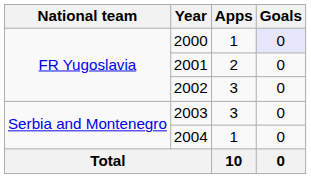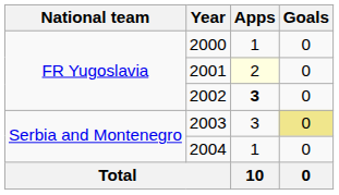 <table class="wikitable" style="text-align:center">
 <tr>
 <th>National team</th>
 <th>Year</th>
 <th>Apps</th>
 <th>Goals</th>
 </tr>
 <tr>
 <td rowspan="3"><a href='#'>FR Yugoslavia</a></td>
 <td>2000</td>
 <td>1</td>
-<td style="background: lavender;">0</td>
+<td>0</td>
 </tr>
 <tr>
 <td>2001</td>
-<td>2</td>
+<td style="background: lightyellow;">2</td>
 <td>0</td>
 </tr>
 <tr>
 <td>2002</td>
-<td>3</td>
+<td><strong>3</strong></td>
 <td>0</td>
 </tr>
 <tr>
 <td rowspan="2"><a href='#'>Serbia and Montenegro</a></td>
 <td>2003</td>
 <td>3</td>
-<td>0</td>
+<td style="background: khaki;">0</td>
 </tr>
 <tr>
 <td>2004</td>
 <td>1</td>
 <td>0</td>
 </tr>
 <tr>
 <th colspan="2">Total</th>
 <th>10</th>
 <th>0</th>
 </tr>
 </table>
